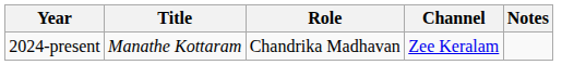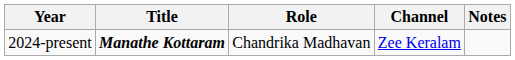 <table class="wikitable sortable">
 <tr style="background:#ccc; text-align:center;">
 </tr>
 <tr>
 <th>Year</th>
 <th>Title</th>
 <th>Role</th>
 <th>Channel</th>
 <th class="unsortable">Notes</th>
 </tr>
 <tr>
 <td>2024-present</td>
-<td><em>Manathe Kottaram</em></td>
+<td><strong><em>Manathe Kottaram</em></strong></td>
 <td>Chandrika Madhavan</td>
 <td><a href='#'>Zee Keralam</a></td>
 <td></td>
 </tr>
 </table>
